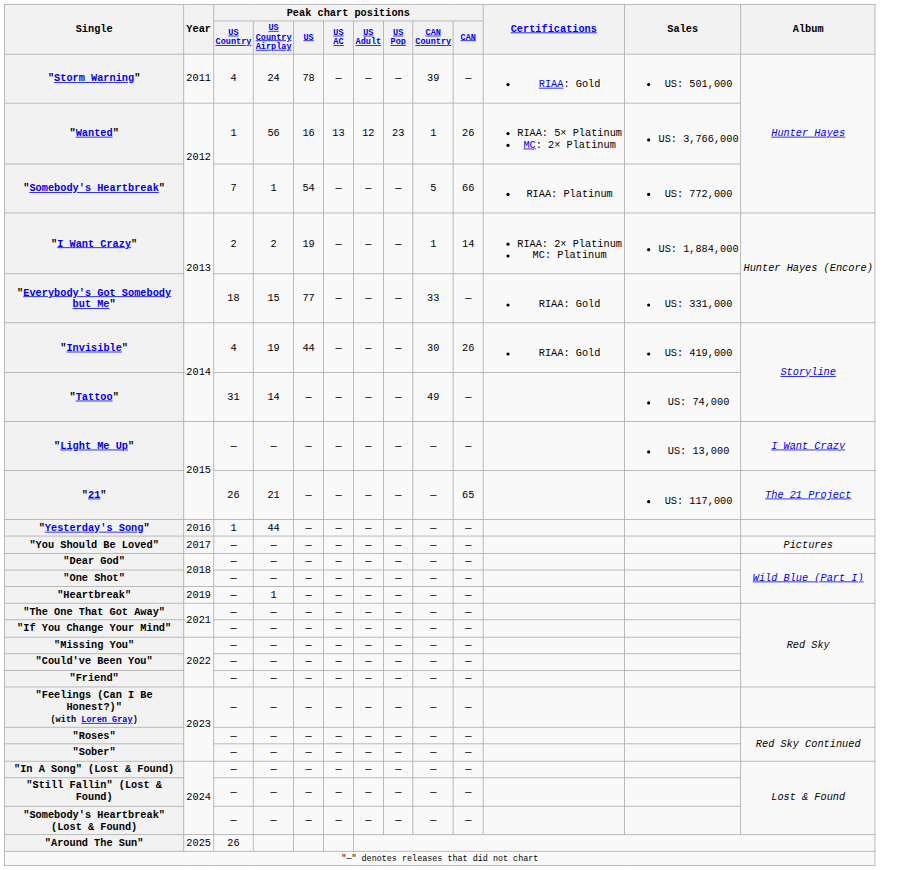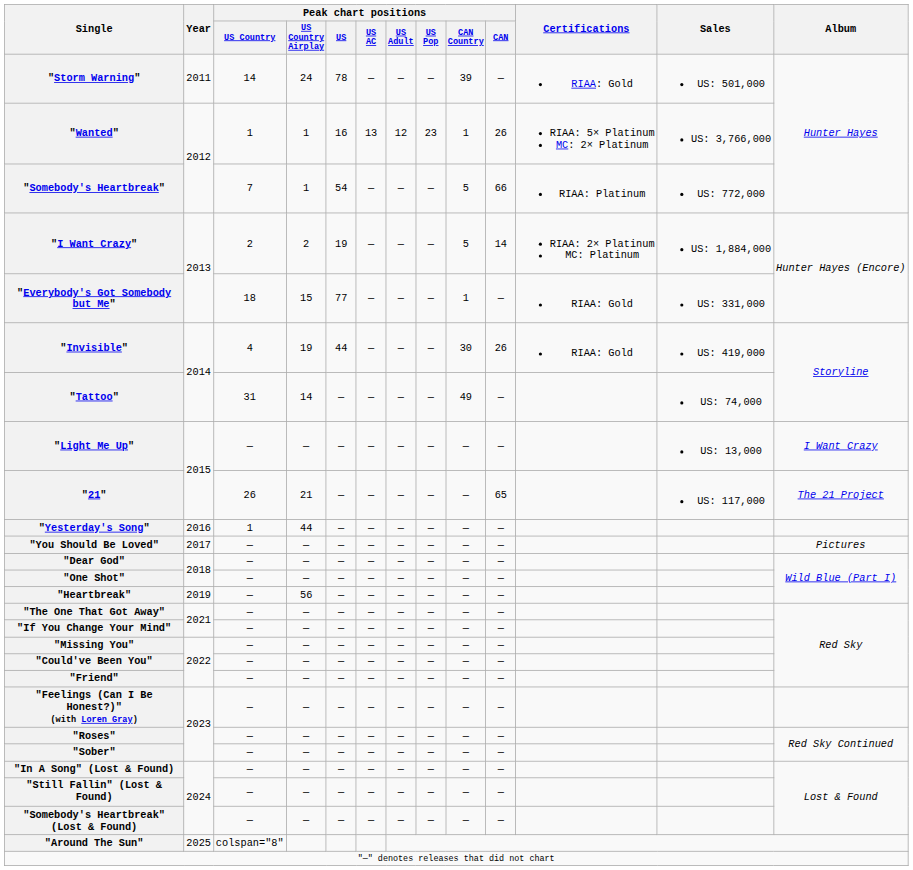 <table class="wikitable plainrowheaders" style="text-align:center;">
 <tr>
 <th rowspan="2" style="width:17em;">Single</th>
 <th rowspan="2" style="width:1em;">Year</th>
 <th colspan="8">Peak chart positions</th>
 <th rowspan="2"><a href='#'>Certifications</a></th>
 <th rowspan="2">Sales</th>
 <th rowspan="2">Album</th>
 </tr>
 <tr style="font-size:smaller;">
 <th style="width:3em;"><a href='#'>US Country</a><br></th>
 <th style="width:3em;"><a href='#'>US Country Airplay</a><br></th>
 <th style="width:3em;"><a href='#'>US</a><br></th>
 <th style="width:3em;"><a href='#'>US<br>AC</a><br></th>
 <th style="width:3em;"><a href='#'>US<br>Adult</a><br></th>
 <th style="width:3em;"><a href='#'>US<br>Pop</a><br></th>
 <th style="width:3em;"><a href='#'>CAN Country</a><br></th>
 <th style="width:3em;"><a href='#'>CAN</a><br></th>
 </tr>
 <tr>
 <th scope="row">"<a href='#'>Storm Warning</a>"</th>
 <td>2011</td>
-<td>4</td>
+<td>14</td>
 <td>24</td>
 <td>78</td>
 <td>—</td>
 <td>—</td>
 <td>—</td>
 <td>39</td>
 <td>—</td>
 <td><br><ul><li><a href='#'>RIAA</a>: Gold</li></ul></td>
 <td><br><ul><li>US: 501,000</li></ul></td>
 <td rowspan="3"><em><a href='#'>Hunter Hayes</a></em></td>
 </tr>
 <tr>
 <th scope="row">"<a href='#'>Wanted</a>"</th>
 <td rowspan="2">2012</td>
 <td>1</td>
-<td>56</td>
+<td>1</td>
 <td>16</td>
 <td>13</td>
 <td>12</td>
 <td>23</td>
 <td>1</td>
 <td>26</td>
 <td><br><ul><li>RIAA: 5× Platinum</li><li><a href='#'>MC</a>: 2× Platinum</li></ul></td>
 <td><br><ul><li>US: 3,766,000</li></ul></td>
 </tr>
 <tr>
 <th scope="row">"<a href='#'>Somebody's Heartbreak</a>"</th>
 <td>7</td>
 <td>1</td>
 <td>54</td>
 <td>—</td>
 <td>—</td>
 <td>—</td>
 <td>5</td>
 <td>66</td>
 <td><br><ul><li>RIAA: Platinum</li></ul></td>
 <td><br><ul><li>US: 772,000</li></ul></td>
 </tr>
 <tr>
 <th scope="row">"<a href='#'>I Want Crazy</a>"</th>
 <td rowspan="2">2013</td>
 <td>2</td>
 <td>2</td>
 <td>19</td>
 <td>—</td>
 <td>—</td>
 <td>—</td>
-<td>1</td>
+<td>5</td>
 <td>14</td>
 <td><br><ul><li>RIAA: 2× Platinum</li><li>MC: Platinum</li></ul></td>
 <td><br><ul><li>US: 1,884,000</li></ul></td>
 <td rowspan="2"><em>Hunter Hayes (Encore)</em></td>
 </tr>
 <tr>
 <th scope="row">"<a href='#'>Everybody's Got Somebody but Me</a>"<br></th>
 <td>18</td>
 <td>15</td>
 <td>77</td>
 <td>—</td>
 <td>—</td>
 <td>—</td>
-<td>33</td>
+<td>1</td>
 <td>—</td>
 <td><br><ul><li>RIAA: Gold</li></ul></td>
 <td><br><ul><li>US: 331,000</li></ul></td>
 </tr>
 <tr>
 <th scope="row">"<a href='#'>Invisible</a>"</th>
 <td rowspan="2”">2014</td>
 <td>4</td>
 <td>19</td>
 <td>44</td>
 <td>—</td>
 <td>—</td>
 <td>—</td>
 <td>30</td>
 <td>26</td>
 <td><br><ul><li>RIAA: Gold</li></ul></td>
 <td><br><ul><li>US: 419,000</li></ul></td>
 <td rowspan="2"><em><a href='#'>Storyline</a></em></td>
 </tr>
 <tr>
 <th scope="row">"<a href='#'>Tattoo</a>"</th>
 <td>31</td>
 <td>14</td>
 <td>—</td>
 <td>—</td>
 <td>—</td>
 <td>—</td>
 <td>49</td>
 <td>—</td>
 <td></td>
 <td><br><ul><li>US: 74,000</li></ul></td>
 </tr>
 <tr>
 <th scope="row">"<a href='#'>Light Me Up</a>"</th>
 <td rowspan="2”">2015</td>
 <td>—</td>
 <td>—</td>
 <td>—</td>
 <td>—</td>
 <td>—</td>
 <td>—</td>
 <td>—</td>
 <td>—</td>
 <td></td>
 <td><br><ul><li>US: 13,000</li></ul></td>
 <td><em><a href='#'>I Want Crazy</a></em></td>
 </tr>
 <tr>
 <th scope="row">"<a href='#'>21</a>"</th>
 <td>26</td>
 <td>21</td>
 <td>—</td>
 <td>—</td>
 <td>—</td>
 <td>—</td>
 <td>—</td>
 <td>65</td>
 <td></td>
 <td><br><ul><li>US: 117,000</li></ul></td>
 <td rowspan="1”"><em><a href='#'>The 21 Project</a></em></td>
 </tr>
 <tr>
 <th scope="row">"<a href='#'>Yesterday's Song</a>"</th>
 <td rowspan="1”">2016</td>
 <td>1</td>
 <td>44</td>
 <td>—</td>
 <td>—</td>
 <td>—</td>
 <td>—</td>
 <td>—</td>
 <td>—</td>
 <td></td>
 <td></td>
 <td></td>
 </tr>
 <tr>
 <th scope="row">"You Should Be Loved"<br></th>
 <td rowspan="1”">2017</td>
 <td>—</td>
 <td>—</td>
 <td>—</td>
 <td>—</td>
 <td>—</td>
 <td>—</td>
 <td>—</td>
 <td>—</td>
 <td></td>
 <td></td>
 <td><em>Pictures</em></td>
 </tr>
 <tr>
 <th scope="row">"Dear God"</th>
 <td rowspan="2">2018</td>
 <td>—</td>
 <td>—</td>
 <td>—</td>
 <td>—</td>
 <td>—</td>
 <td>—</td>
 <td>—</td>
 <td>—</td>
 <td></td>
 <td></td>
 <td rowspan="3"><em><a href='#'>Wild Blue (Part I)</a></em></td>
 </tr>
 <tr>
 <th scope="row">"One Shot"</th>
 <td>—</td>
 <td>—</td>
 <td>—</td>
 <td>—</td>
 <td>—</td>
 <td>—</td>
 <td>—</td>
 <td>—</td>
 <td></td>
 <td></td>
 </tr>
 <tr>
 <th scope="row">"Heartbreak"</th>
 <td rowspan = "1">2019</td>
 <td>—</td>
-<td>1</td>
+<td>56</td>
 <td>—</td>
 <td>—</td>
 <td>—</td>
 <td>—</td>
 <td>—</td>
 <td>—</td>
 <td></td>
 <td></td>
 </tr>
 <tr>
 <th scope="row">"The One That Got Away"</th>
 <td rowspan="2">2021</td>
 <td>—</td>
 <td>—</td>
 <td>—</td>
 <td>—</td>
 <td>—</td>
 <td>—</td>
 <td>—</td>
 <td>—</td>
 <td></td>
 <td></td>
 <td rowspan="5"><em>Red Sky</em></td>
 </tr>
 <tr>
 <th scope="row">"If You Change Your Mind"</th>
 <td>—</td>
 <td>—</td>
 <td>—</td>
 <td>—</td>
 <td>—</td>
 <td>—</td>
 <td>—</td>
 <td>—</td>
 <td></td>
 <td></td>
 </tr>
 <tr>
 <th scope="row">"Missing You"</th>
 <td rowspan="3">2022</td>
 <td>—</td>
 <td>—</td>
 <td>—</td>
 <td>—</td>
 <td>—</td>
 <td>—</td>
 <td>—</td>
 <td>—</td>
 <td></td>
 <td></td>
 </tr>
 <tr>
 <th scope="row">"Could've Been You"</th>
 <td>—</td>
 <td>—</td>
 <td>—</td>
 <td>—</td>
 <td>—</td>
 <td>—</td>
 <td>—</td>
 <td>—</td>
 <td></td>
 <td></td>
 </tr>
 <tr>
 <th scope="row">"Friend"</th>
 <td>—</td>
 <td>—</td>
 <td>—</td>
 <td>—</td>
 <td>—</td>
 <td>—</td>
 <td>—</td>
 <td>—</td>
 <td></td>
 <td></td>
 </tr>
 <tr>
 <th scope="row">"Feelings (Can I Be Honest?)"<br><small>(with <a href='#'>Loren Gray</a>)</small></th>
 <td rowspan="3">2023</td>
 <td>—</td>
 <td>—</td>
 <td>—</td>
 <td>—</td>
 <td>—</td>
 <td>—</td>
 <td>—</td>
 <td>—</td>
 <td></td>
 <td></td>
 <td></td>
 </tr>
 <tr>
 <th scope="row">"Roses"</th>
 <td>—</td>
 <td>—</td>
 <td>—</td>
 <td>—</td>
 <td>—</td>
 <td>—</td>
 <td>—</td>
 <td>—</td>
 <td></td>
 <td></td>
 <td rowspan="2"><em>Red Sky Continued</em></td>
 </tr>
 <tr>
 <th scope="row">"Sober"</th>
 <td>—</td>
 <td>—</td>
 <td>—</td>
 <td>—</td>
 <td>—</td>
 <td>—</td>
 <td>—</td>
 <td>—</td>
 <td></td>
 <td></td>
 </tr>
 <tr>
 <th scope="row">"In A Song" (Lost & Found)</th>
 <td rowspan="3">2024</td>
 <td>—</td>
 <td>—</td>
 <td>—</td>
 <td>—</td>
 <td>—</td>
 <td>—</td>
 <td>—</td>
 <td>—</td>
 <td></td>
 <td></td>
 <td rowspan="3"><em>Lost & Found</em></td>
 </tr>
 <tr>
 <th scope="row">"Still Fallin" (Lost & Found)</th>
 <td>—</td>
 <td>—</td>
 <td>—</td>
 <td>—</td>
 <td>—</td>
 <td>—</td>
 <td>—</td>
 <td>—</td>
 <td></td>
 <td></td>
 </tr>
 <tr>
 <th scope="row">"Somebody's Heartbreak" (Lost & Found)</th>
 <td>—</td>
 <td>—</td>
 <td>—</td>
 <td>—</td>
 <td>—</td>
 <td>—</td>
 <td>—</td>
 <td>—</td>
 <td></td>
 <td></td>
 </tr>
 <tr>
 <th scope="row">"Around The Sun"</th>
 <td>2025</td>
-<td>26</td>
+<td>colspan="8" </td>
 <td></td>
 <td></td>
 <td></td>
 </tr>
 <tr>
 <td colspan="24" style="font-size:8pt">"—" denotes releases that did not chart</td>
 </tr>
 </table>
